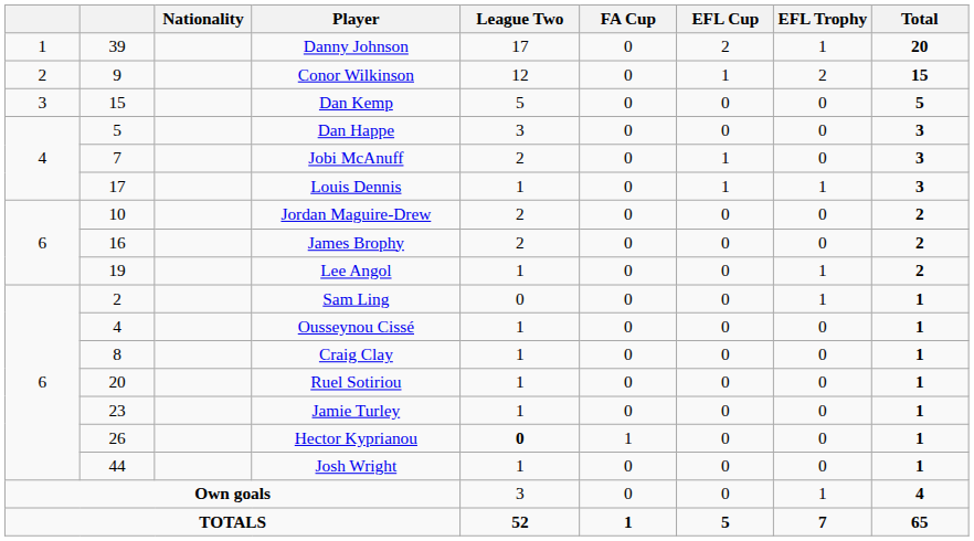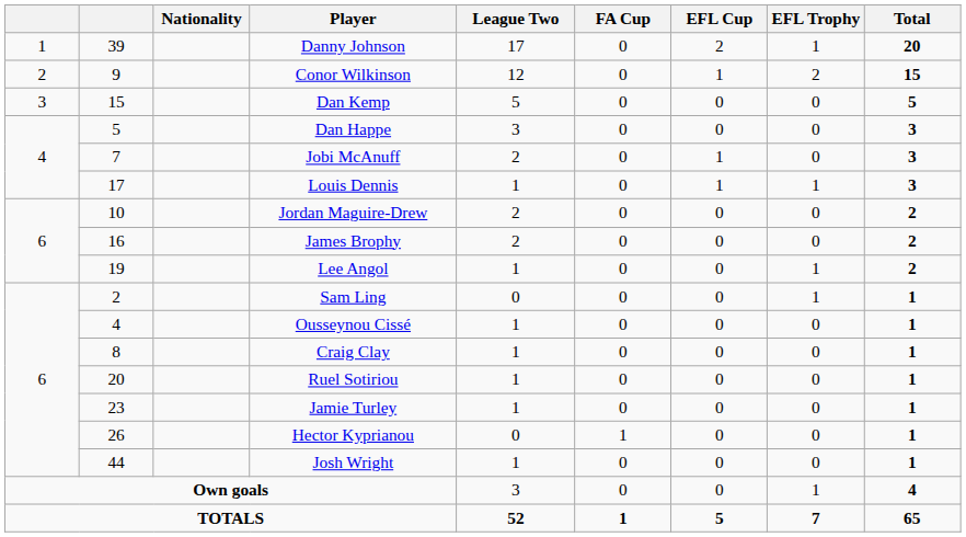 <table class="wikitable" style="font-size: 95%; text-align: center;">
 <tr>
 <th width=60></th>
 <th width=60></th>
 <th width=80>Nationality</th>
 <th width=180>Player</th>
 <th width=100>League Two</th>
 <th width=80>FA Cup</th>
 <th width=80>EFL Cup</th>
 <th width=80>EFL Trophy</th>
 <th width=80>Total</th>
 </tr>
 <tr>
 <td rowspan=1>1</td>
 <td>39</td>
 <td></td>
 <td><a href='#'>Danny Johnson</a></td>
 <td>17</td>
 <td>0</td>
 <td>2</td>
 <td>1</td>
 <td><strong>20</strong></td>
 </tr>
 <tr>
 <td rowspan=1>2</td>
 <td>9</td>
 <td></td>
 <td><a href='#'>Conor Wilkinson</a></td>
 <td>12</td>
 <td>0</td>
 <td>1</td>
 <td>2</td>
 <td><strong>15</strong></td>
 </tr>
 <tr>
 <td rowspan=1>3</td>
 <td>15</td>
 <td></td>
 <td><a href='#'>Dan Kemp</a></td>
 <td>5</td>
 <td>0</td>
 <td>0</td>
 <td>0</td>
 <td><strong>5</strong></td>
 </tr>
 <tr>
 <td rowspan=3>4</td>
 <td>5</td>
 <td></td>
 <td><a href='#'>Dan Happe</a></td>
 <td>3</td>
 <td>0</td>
 <td>0</td>
 <td>0</td>
 <td><strong>3</strong></td>
 </tr>
 <tr>
 <td>7</td>
 <td></td>
 <td><a href='#'>Jobi McAnuff</a></td>
 <td>2</td>
 <td>0</td>
 <td>1</td>
 <td>0</td>
 <td><strong>3</strong></td>
 </tr>
 <tr>
 <td>17</td>
 <td></td>
 <td><a href='#'>Louis Dennis</a></td>
 <td>1</td>
 <td>0</td>
 <td>1</td>
 <td>1</td>
 <td><strong>3</strong></td>
 </tr>
 <tr>
 <td rowspan=3>6</td>
 <td>10</td>
 <td></td>
 <td><a href='#'>Jordan Maguire-Drew</a></td>
 <td>2</td>
 <td>0</td>
 <td>0</td>
 <td>0</td>
 <td><strong>2</strong></td>
 </tr>
 <tr>
 <td>16</td>
 <td></td>
 <td><a href='#'>James Brophy</a></td>
 <td>2</td>
 <td>0</td>
 <td>0</td>
 <td>0</td>
 <td><strong>2</strong></td>
 </tr>
 <tr>
 <td>19</td>
 <td></td>
 <td><a href='#'>Lee Angol</a></td>
 <td>1</td>
 <td>0</td>
 <td>0</td>
 <td>1</td>
 <td><strong>2</strong></td>
 </tr>
 <tr>
 <td rowspan=7>6</td>
 <td>2</td>
 <td></td>
 <td><a href='#'>Sam Ling</a></td>
 <td>0</td>
 <td>0</td>
 <td>0</td>
 <td>1</td>
 <td><strong>1</strong></td>
 </tr>
 <tr>
 <td>4</td>
 <td></td>
 <td><a href='#'>Ousseynou Cissé</a></td>
 <td>1</td>
 <td>0</td>
 <td>0</td>
 <td>0</td>
 <td><strong>1</strong></td>
 </tr>
 <tr>
 <td>8</td>
 <td></td>
 <td><a href='#'>Craig Clay</a></td>
 <td>1</td>
 <td>0</td>
 <td>0</td>
 <td>0</td>
 <td><strong>1</strong></td>
 </tr>
 <tr>
 <td>20</td>
 <td></td>
 <td><a href='#'>Ruel Sotiriou</a></td>
 <td>1</td>
 <td>0</td>
 <td>0</td>
 <td>0</td>
 <td><strong>1</strong></td>
 </tr>
 <tr>
 <td>23</td>
 <td></td>
 <td><a href='#'>Jamie Turley</a></td>
 <td>1</td>
 <td>0</td>
 <td>0</td>
 <td>0</td>
 <td><strong>1</strong></td>
 </tr>
 <tr>
 <td>26</td>
 <td></td>
 <td><a href='#'>Hector Kyprianou</a></td>
-<td><strong>0</strong></td>
+<td>0</td>
 <td>1</td>
 <td>0</td>
 <td>0</td>
 <td><strong>1</strong></td>
 </tr>
 <tr>
 <td>44</td>
 <td></td>
 <td><a href='#'>Josh Wright</a></td>
 <td>1</td>
 <td>0</td>
 <td>0</td>
 <td>0</td>
 <td><strong>1</strong></td>
 </tr>
 <tr>
 <td colspan=4><strong>Own goals</strong></td>
 <td>3</td>
 <td>0</td>
 <td>0</td>
 <td>1</td>
 <td><strong>4</strong></td>
 </tr>
 <tr>
 <td colspan=4><strong>TOTALS</strong></td>
 <td><strong>52</strong></td>
 <td><strong>1</strong></td>
 <td><strong>5</strong></td>
 <td><strong>7</strong></td>
 <td><strong>65</strong></td>
 </tr>
 </table>
